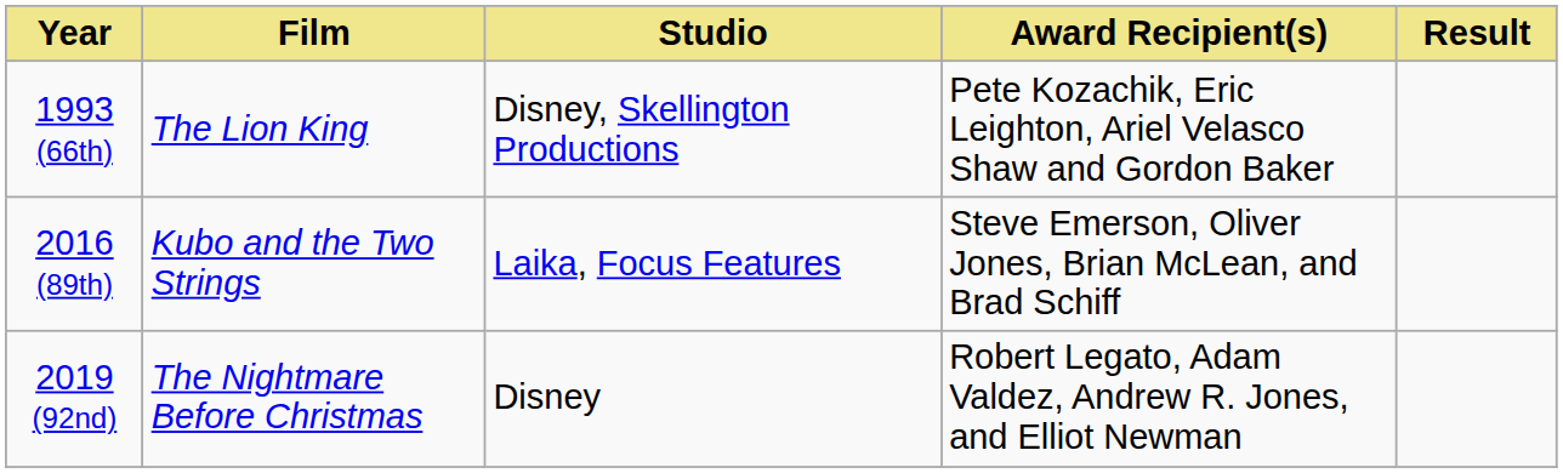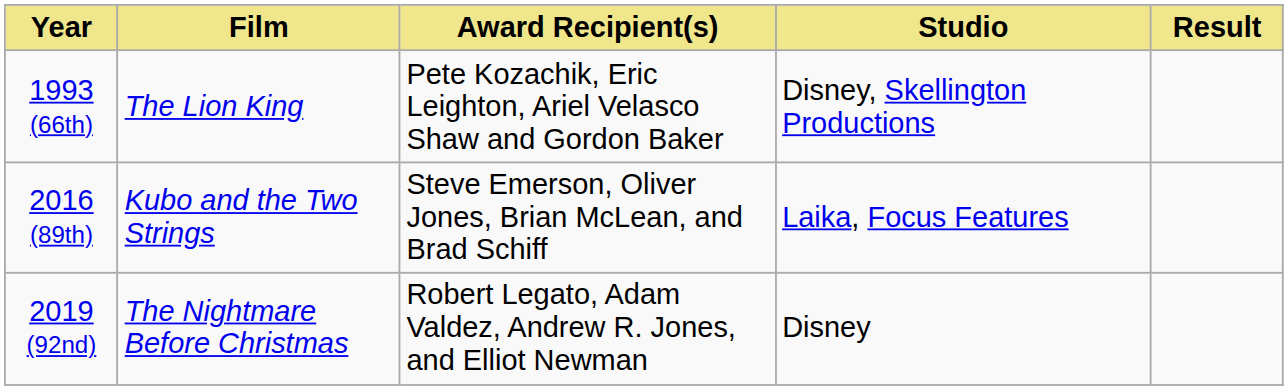 <table class="wikitable" width="80%">
 <tr>
 <th width="5%" style="background:#F0E68C">Year</th>
 <th width="15%" style="background:#F0E68C">Film</th>
+<th width="20%" style="background:#F0E68C">Award Recipient(s)</th>
 <th width="20%" style="background:#F0E68C">Studio</th>
-<th width="20%" style="background:#F0E68C">Award Recipient(s)</th>
 <th width="5%" style="background:#F0E68C">Result</th>
 </tr>
 <tr>
 <td align="center"><a href='#'>1993</a><br><small><a href='#'>(66th)</a></small></td>
 <td><em><a href='#'>The Lion King</a></em></td>
+<td>Pete Kozachik, Eric Leighton, Ariel Velasco Shaw and Gordon Baker</td>
 <td>Disney, <a href='#'>Skellington Productions</a></td>
-<td>Pete Kozachik, Eric Leighton, Ariel Velasco Shaw and Gordon Baker</td>
 <td></td>
 </tr>
 <tr>
 <td align="center"><a href='#'>2016</a><br><small><a href='#'>(89th)</a></small></td>
 <td><em><a href='#'>Kubo and the Two Strings</a></em></td>
+<td>Steve Emerson, Oliver Jones, Brian McLean, and Brad Schiff</td>
 <td><a href='#'>Laika</a>, <a href='#'>Focus Features</a></td>
-<td>Steve Emerson, Oliver Jones, Brian McLean, and Brad Schiff</td>
 <td></td>
 </tr>
 <tr>
 <td align="center"><a href='#'>2019</a><br><small><a href='#'>(92nd)</a></small></td>
 <td><em><a href='#'>The Nightmare Before Christmas</a></em></td>
+<td>Robert Legato, Adam Valdez, Andrew R. Jones, and Elliot Newman</td>
 <td>Disney</td>
-<td>Robert Legato, Adam Valdez, Andrew R. Jones, and Elliot Newman</td>
 <td></td>
 </tr>
 </table>
